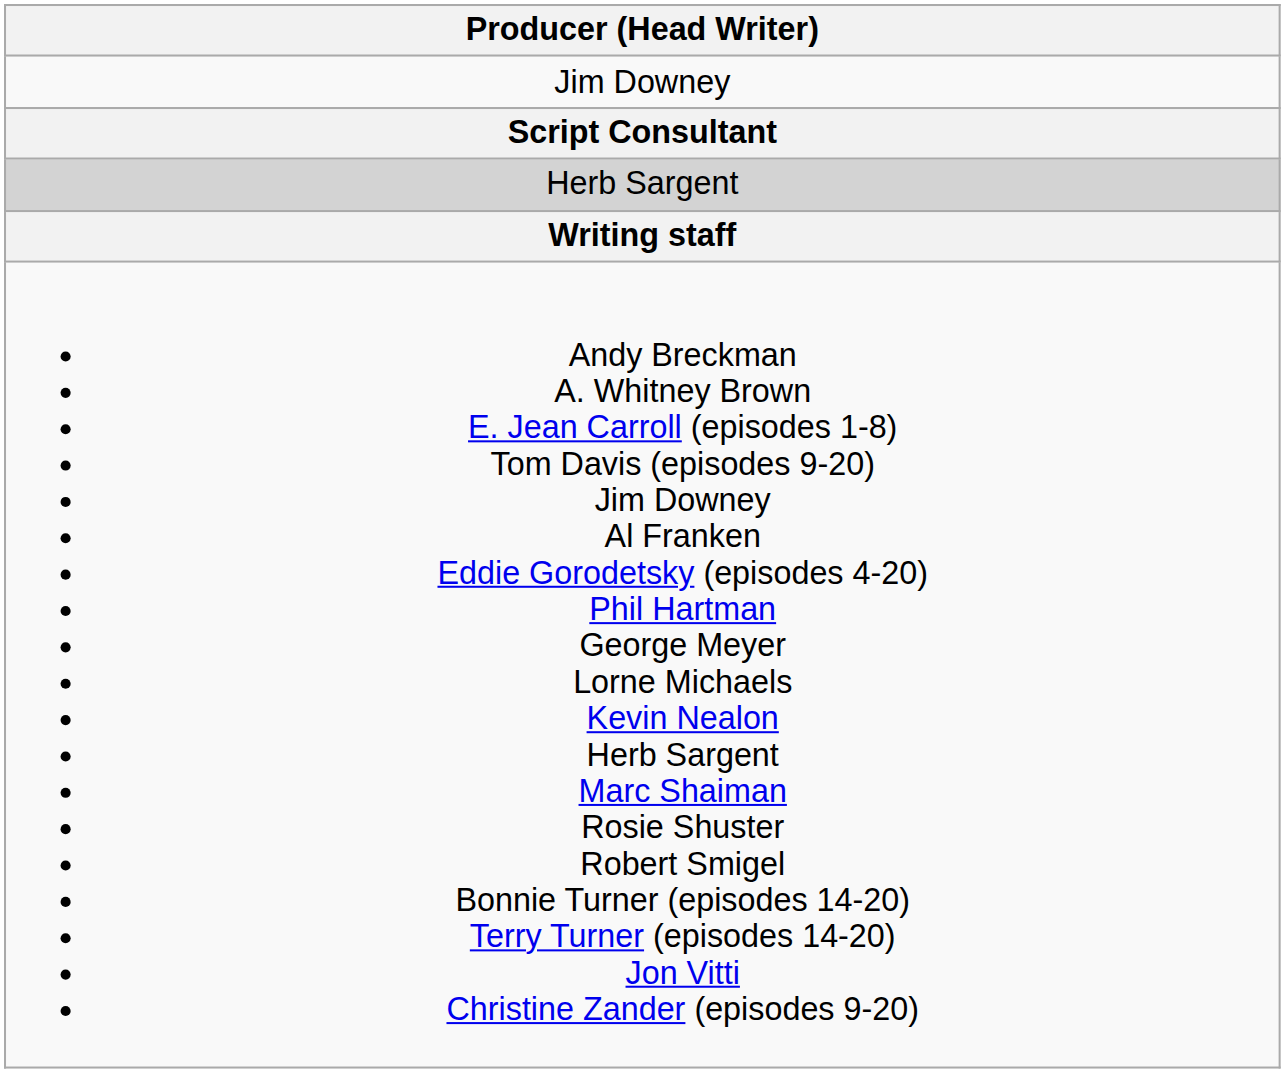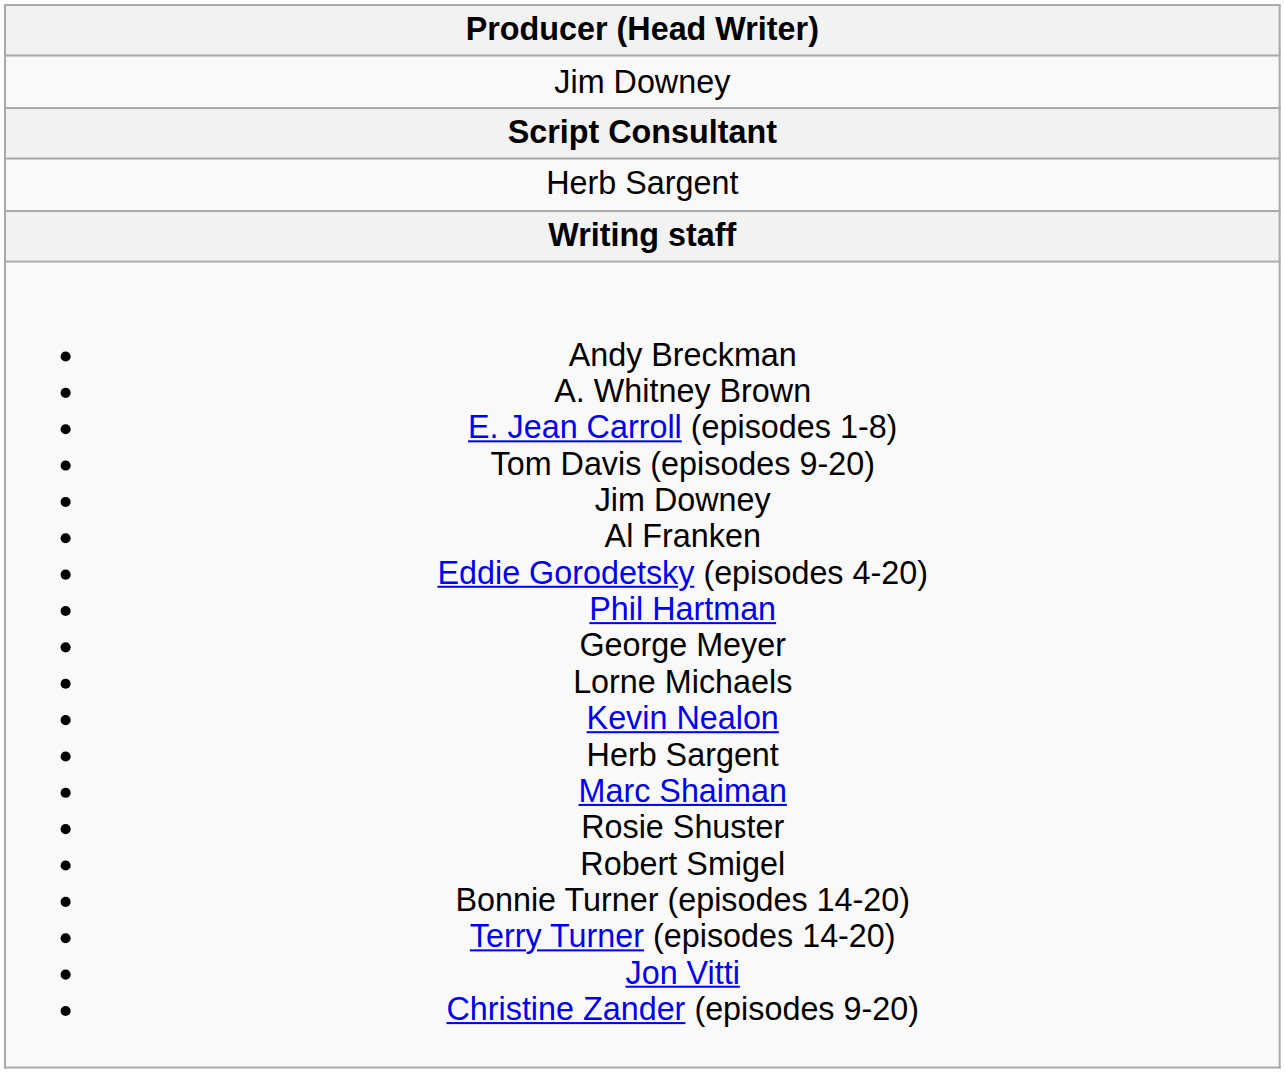 <table class="wikitable plainrowheaders"  style="text-align:center; width:50%;">
 <tr>
 <th><strong>Producer (Head Writer)</strong></th>
 </tr>
 <tr>
 <td>Jim Downey</td>
 </tr>
 <tr>
 <th><strong>Script Consultant</strong></th>
 </tr>
 <tr>
-<td style="background: lightgrey;">Herb Sargent</td>
+<td>Herb Sargent</td>
 </tr>
 <tr>
 <th><strong>Writing staff</strong></th>
 </tr>
 <tr>
 <td><br><ul><li>Andy Breckman</li><li>A. Whitney Brown</li><li><a href='#'>E. Jean Carroll</a> (episodes 1-8)</li><li>Tom Davis (episodes 9-20)</li><li>Jim Downey</li><li>Al Franken</li><li><a href='#'>Eddie Gorodetsky</a> (episodes 4-20)</li><li><a href='#'>Phil Hartman</a></li><li>George Meyer</li><li>Lorne Michaels</li><li><a href='#'>Kevin Nealon</a></li><li>Herb Sargent</li><li><a href='#'>Marc Shaiman</a></li><li>Rosie Shuster</li><li>Robert Smigel</li><li>Bonnie Turner (episodes 14-20)</li><li><a href='#'>Terry Turner</a> (episodes 14-20)</li><li><a href='#'>Jon Vitti</a></li><li><a href='#'>Christine Zander</a> (episodes 9-20)</li></ul></td>
 </tr>
 </table>
